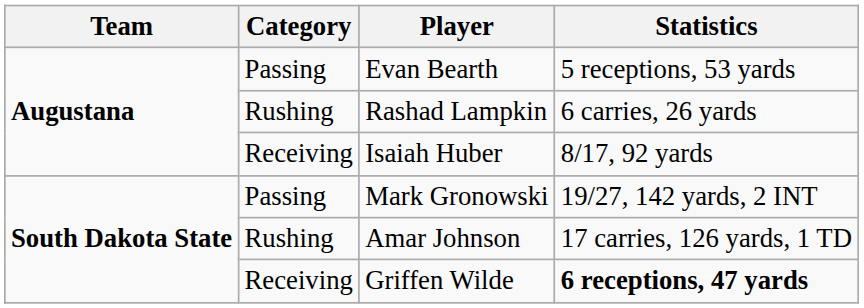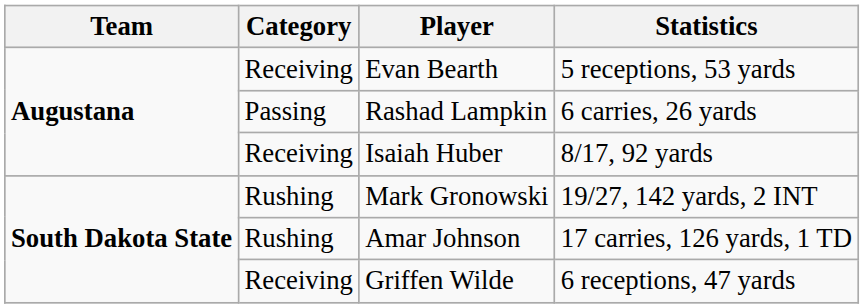 <table class="wikitable" style="float: left;">
 <tr>
 <th>Team</th>
 <th>Category</th>
 <th>Player</th>
 <th>Statistics</th>
 </tr>
 <tr>
 <td rowspan=3><strong>Augustana</strong></td>
-<td>Passing</td>
+<td>Receiving</td>
 <td>Evan Bearth</td>
 <td>5 receptions, 53 yards</td>
 </tr>
 <tr>
-<td>Rushing</td>
+<td>Passing</td>
 <td>Rashad Lampkin</td>
 <td>6 carries, 26 yards</td>
 </tr>
 <tr>
 <td>Receiving</td>
 <td>Isaiah Huber</td>
 <td>8/17, 92 yards</td>
 </tr>
 <tr>
 <td rowspan=3><strong>South Dakota State</strong></td>
-<td>Passing</td>
+<td>Rushing</td>
 <td>Mark Gronowski</td>
 <td>19/27, 142 yards, 2 INT</td>
 </tr>
 <tr>
 <td>Rushing</td>
 <td>Amar Johnson</td>
 <td>17 carries, 126 yards, 1 TD</td>
 </tr>
 <tr>
 <td>Receiving</td>
 <td>Griffen Wilde</td>
-<td><strong>6 receptions, 47 yards</strong></td>
+<td>6 receptions, 47 yards</td>
 </tr>
 </table>
